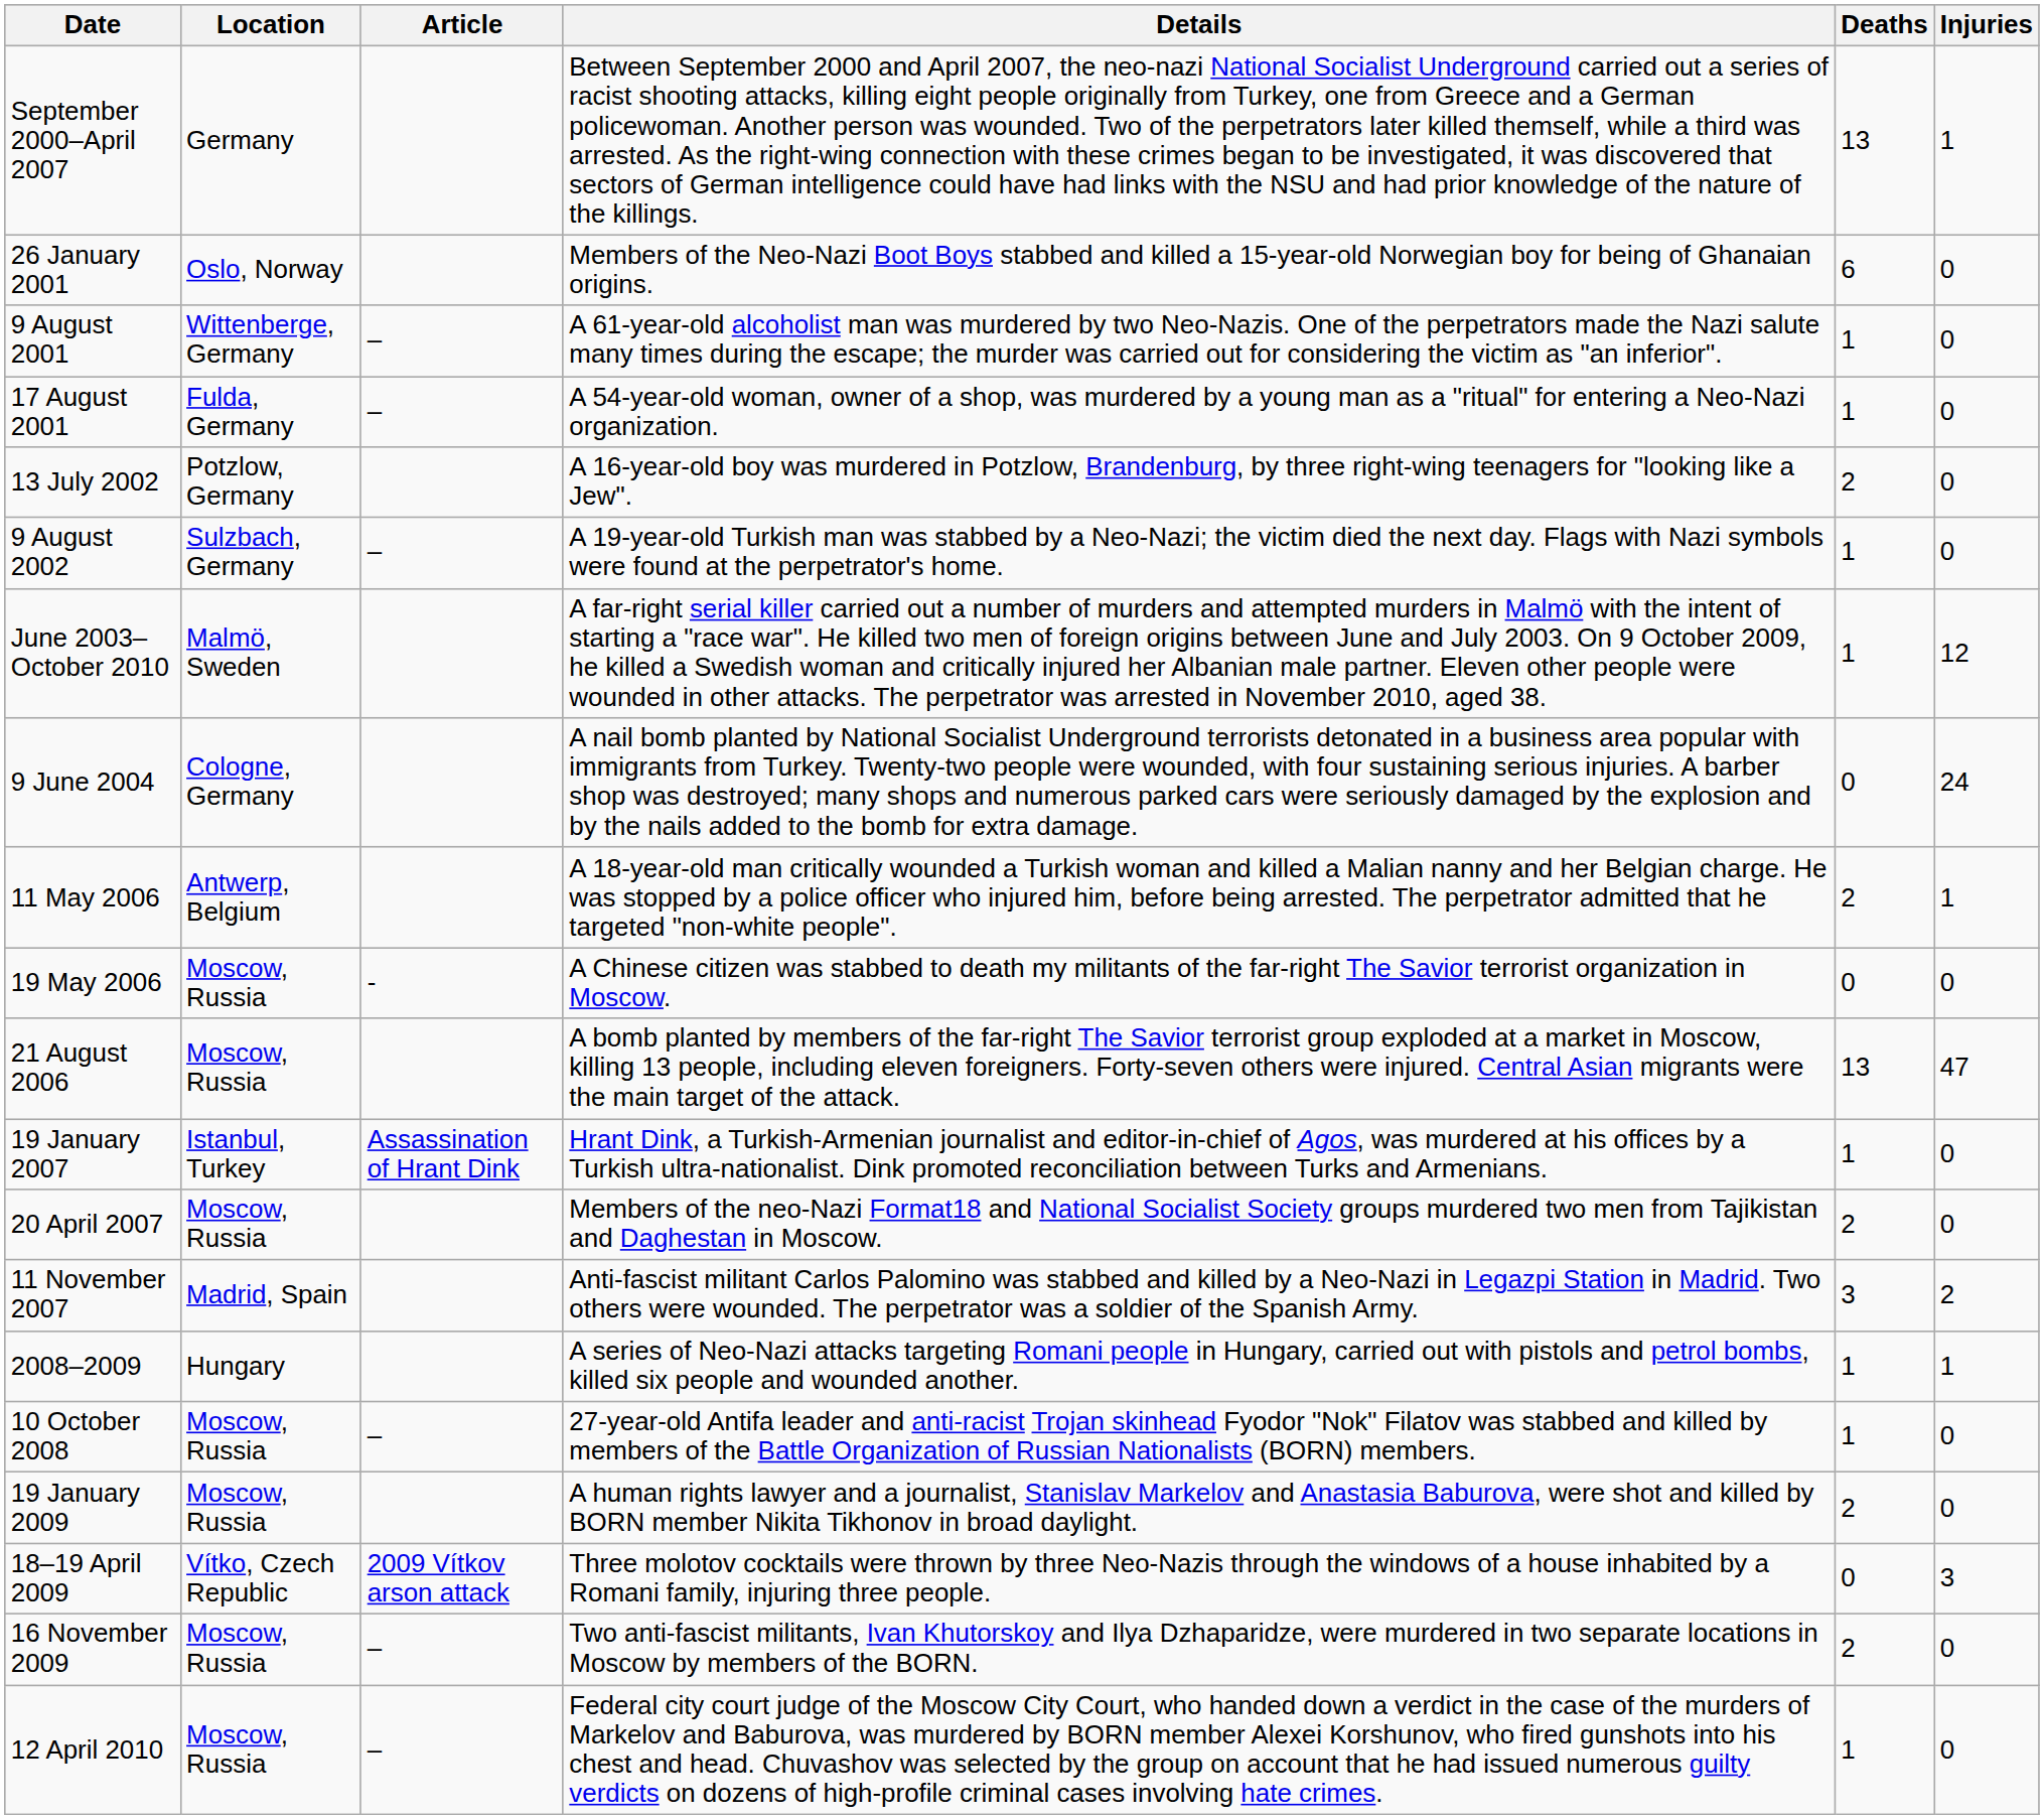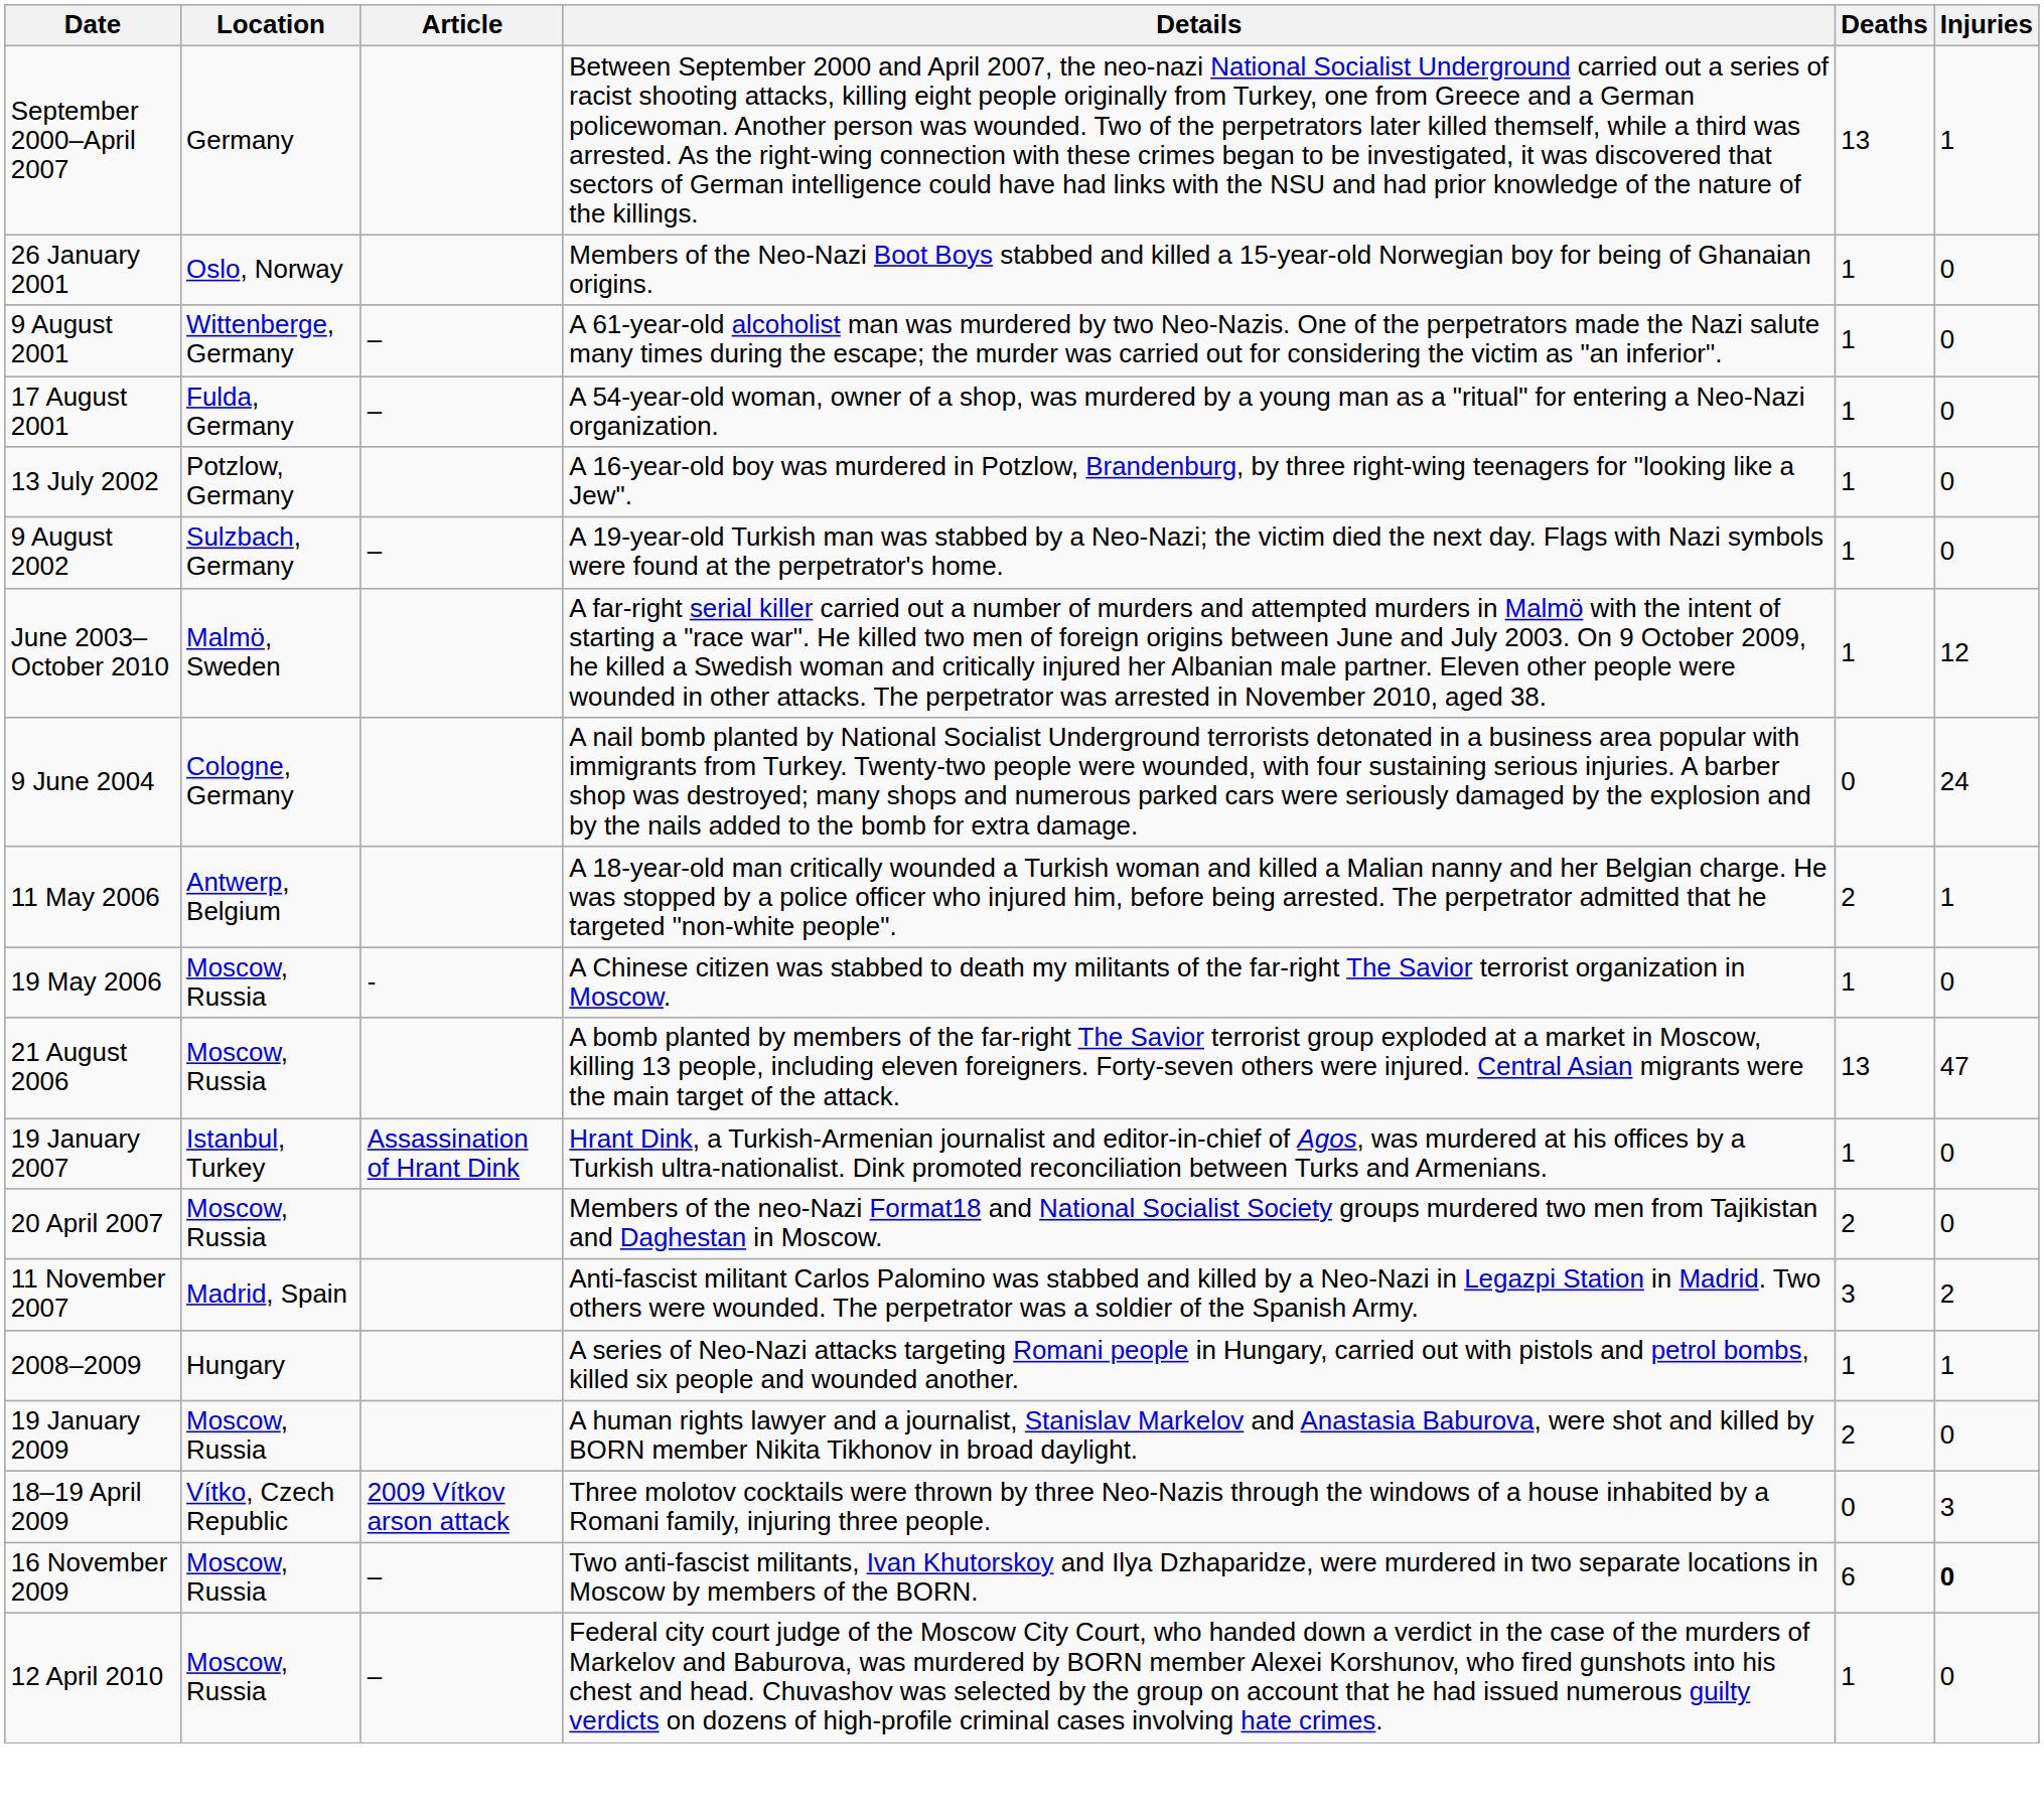 <table class="wikitable ">
 <tr>
 <th>Date</th>
 <th>Location</th>
 <th>Article</th>
 <th>Details</th>
 <th>Deaths</th>
 <th>Injuries</th>
 </tr>
 <tr>
 <td>September 2000–April 2007</td>
 <td> Germany</td>
 <td></td>
 <td>Between September 2000 and April 2007, the neo-nazi <a href='#'>National Socialist Underground</a> carried out a series of racist shooting attacks, killing eight people originally from Turkey, one from Greece and a German policewoman. Another person was wounded. Two of the perpetrators later killed themself, while a third was arrested. As the right-wing connection with these crimes began to be investigated, it was discovered that sectors of German intelligence could have had links with the NSU and had prior knowledge of the nature of the killings.</td>
 <td>13</td>
 <td>1</td>
 </tr>
 <tr>
 <td>26 January 2001</td>
 <td> <a href='#'>Oslo</a>, Norway</td>
 <td></td>
 <td>Members of the Neo-Nazi <a href='#'>Boot Boys</a> stabbed and killed a 15-year-old Norwegian boy for being of Ghanaian origins.</td>
-<td>6</td>
+<td>1</td>
 <td>0</td>
 </tr>
 <tr>
 <td>9 August 2001</td>
 <td> <a href='#'>Wittenberge</a>, Germany</td>
 <td>–</td>
 <td>A 61-year-old <a href='#'>alcoholist</a> man was murdered by two Neo-Nazis. One of the perpetrators made the Nazi salute many times during the escape; the murder was carried out for considering the victim as "an inferior".</td>
 <td>1</td>
 <td>0</td>
 </tr>
 <tr>
 <td>17 August 2001</td>
 <td> <a href='#'>Fulda</a>, Germany</td>
 <td>–</td>
 <td>A 54-year-old woman, owner of a shop, was murdered by a young man as a "ritual" for entering a Neo-Nazi organization.</td>
 <td>1</td>
 <td>0</td>
 </tr>
 <tr>
 <td>13 July 2002</td>
 <td> Potzlow, Germany</td>
 <td></td>
 <td>A 16-year-old boy was murdered in Potzlow, <a href='#'>Brandenburg</a>, by three right-wing teenagers for "looking like a Jew".</td>
-<td>2</td>
+<td>1</td>
 <td>0</td>
 </tr>
 <tr>
 <td>9 August 2002</td>
 <td> <a href='#'>Sulzbach</a>, Germany</td>
 <td>–</td>
 <td>A 19-year-old Turkish man was stabbed by a Neo-Nazi; the victim died the next day. Flags with Nazi symbols were found at the perpetrator's home.</td>
 <td>1</td>
 <td>0</td>
 </tr>
 <tr>
 <td>June 2003–October 2010</td>
 <td> <a href='#'>Malmö</a>, Sweden</td>
 <td></td>
 <td>A far-right <a href='#'>serial killer</a> carried out a number of murders and attempted murders in <a href='#'>Malmö</a> with the intent of starting a "race war". He killed two men of foreign origins between June and July 2003. On 9 October 2009, he killed a Swedish woman and critically injured her Albanian male partner. Eleven other people were wounded in other attacks. The perpetrator was arrested in November 2010, aged 38.</td>
 <td>1</td>
 <td>12</td>
 </tr>
 <tr>
 <td>9 June 2004</td>
 <td> <a href='#'>Cologne</a>, Germany</td>
 <td></td>
 <td>A nail bomb planted by National Socialist Underground terrorists detonated in a business area popular with immigrants from Turkey. Twenty-two people were wounded, with four sustaining serious injuries. A barber shop was destroyed; many shops and numerous parked cars were seriously damaged by the explosion and by the nails added to the bomb for extra damage.</td>
 <td>0</td>
 <td>24</td>
 </tr>
 <tr>
 <td>11 May 2006</td>
 <td> <a href='#'>Antwerp</a>, Belgium</td>
 <td></td>
 <td>A 18-year-old man critically wounded a Turkish woman and killed a Malian nanny and her Belgian charge. He was stopped by a police officer who injured him, before being arrested. The perpetrator admitted that he targeted "non-white people".</td>
 <td>2</td>
 <td>1</td>
 </tr>
 <tr>
 <td>19 May 2006</td>
 <td> <a href='#'>Moscow</a>, Russia</td>
 <td>-</td>
 <td>A Chinese citizen was stabbed to death my militants of the far-right <a href='#'>The Savior</a> terrorist organization in <a href='#'>Moscow</a>.</td>
-<td>0</td>
+<td>1</td>
 <td>0</td>
 </tr>
 <tr>
 <td>21 August 2006</td>
 <td> <a href='#'>Moscow</a>, Russia</td>
 <td></td>
 <td>A bomb planted by members of the far-right <a href='#'>The Savior</a> terrorist group exploded at a market in Moscow, killing 13 people, including eleven foreigners. Forty-seven others were injured. <a href='#'>Central Asian</a> migrants were the main target of the attack.</td>
 <td>13</td>
 <td>47</td>
 </tr>
 <tr>
 <td>19 January 2007</td>
 <td> <a href='#'>Istanbul</a>, Turkey</td>
 <td><a href='#'>Assassination of Hrant Dink</a></td>
 <td><a href='#'>Hrant Dink</a>, a Turkish-Armenian journalist and editor-in-chief of <em><a href='#'>Agos</a></em>, was murdered at his offices by a Turkish ultra-nationalist. Dink promoted reconciliation between Turks and Armenians.</td>
 <td>1</td>
 <td>0</td>
 </tr>
 <tr>
 <td>20 April 2007</td>
 <td> <a href='#'>Moscow</a>, Russia</td>
 <td></td>
 <td>Members of the neo-Nazi <a href='#'>Format18</a> and <a href='#'>National Socialist Society</a> groups murdered two men from Tajikistan and <a href='#'>Daghestan</a> in Moscow.</td>
 <td>2</td>
 <td>0</td>
 </tr>
 <tr>
 <td>11 November 2007</td>
 <td> <a href='#'>Madrid</a>, Spain</td>
 <td></td>
 <td>Anti-fascist militant Carlos Palomino was stabbed and killed by a Neo-Nazi in <a href='#'>Legazpi Station</a> in <a href='#'>Madrid</a>. Two others were wounded. The perpetrator was a soldier of the Spanish Army.</td>
 <td>3</td>
 <td>2</td>
 </tr>
 <tr>
 <td>2008–2009</td>
 <td> Hungary</td>
 <td></td>
 <td>A series of Neo-Nazi attacks targeting <a href='#'>Romani people</a> in Hungary, carried out with pistols and <a href='#'>petrol bombs</a>, killed six people and wounded another.</td>
 <td>1</td>
 <td>1</td>
 </tr>
 <tr>
-<td>10 October 2008</td>
-<td> <a href='#'>Moscow</a>, Russia</td>
-<td>–</td>
-<td>27-year-old Antifa leader and <a href='#'>anti-racist</a> <a href='#'>Trojan skinhead</a> Fyodor "Nok" Filatov was stabbed and killed by members of the <a href='#'>Battle Organization of Russian Nationalists</a> (BORN) members.</td>
-<td>1</td>
-<td>0</td>
-</tr>
-<tr>
 <td>19 January 2009</td>
 <td> <a href='#'>Moscow</a>, Russia</td>
 <td></td>
 <td>A human rights lawyer and a journalist, <a href='#'>Stanislav Markelov</a> and <a href='#'>Anastasia Baburova</a>, were shot and killed by BORN member Nikita Tikhonov in broad daylight.</td>
 <td>2</td>
 <td>0</td>
 </tr>
 <tr>
 <td>18–19 April 2009</td>
 <td> <a href='#'>Vítko</a>, Czech Republic</td>
 <td><a href='#'>2009 Vítkov arson attack</a></td>
 <td>Three molotov cocktails were thrown by three Neo-Nazis through the windows of a house inhabited by a Romani family, injuring three people.</td>
 <td>0</td>
 <td>3</td>
 </tr>
 <tr>
 <td>16 November 2009</td>
 <td> <a href='#'>Moscow</a>, Russia</td>
 <td>–</td>
 <td>Two anti-fascist militants, <a href='#'>Ivan Khutorskoy</a> and Ilya Dzhaparidze, were murdered in two separate locations in Moscow by members of the BORN.</td>
-<td>2</td>
-<td>0</td>
+<td>6</td>
+<td><strong>0</strong></td>
 </tr>
 <tr>
 <td>12 April 2010</td>
 <td> <a href='#'>Moscow</a>, Russia</td>
 <td>–</td>
 <td>Federal city court judge  of the Moscow City Court, who handed down a verdict in the case of the murders of Markelov and Baburova, was murdered by BORN member Alexei Korshunov, who fired gunshots into his chest and head. Chuvashov was selected by the group on account that he had issued numerous <a href='#'>guilty verdicts</a> on dozens of high-profile criminal cases involving <a href='#'>hate crimes</a>.</td>
 <td>1</td>
 <td>0</td>
 </tr>
 </table>
